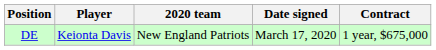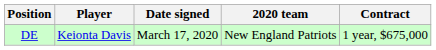 <table class="wikitable" style="text-align:center">
 <tr>
 <th>Position</th>
 <th>Player</th>
+<th>Date signed</th>
 <th>2020 team</th>
-<th>Date signed</th>
 <th>Contract</th>
 </tr>
 <tr style="background:#cfc">
 <td><a href='#'>DE</a></td>
 <td><a href='#'>Keionta Davis</a></td>
+<td>March 17, 2020</td>
 <td>New England Patriots</td>
-<td>March 17, 2020</td>
 <td>1 year, $675,000</td>
 </tr>
 </table>
